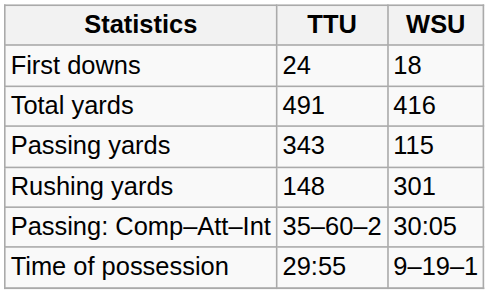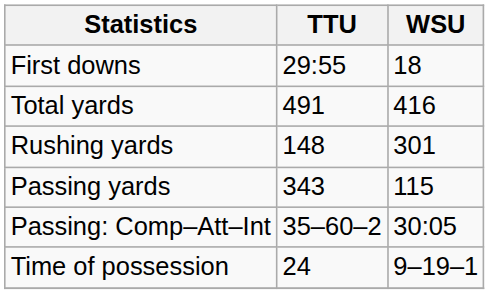 <table class="wikitable" style="float: left;">
 <tr>
 <th>Statistics</th>
 <th>TTU</th>
 <th>WSU</th>
 </tr>
 <tr>
 <td>First downs</td>
-<td>24</td>
+<td>29:55</td>
 <td>18</td>
 </tr>
 <tr>
 <td>Total yards</td>
 <td>491</td>
 <td>416</td>
 </tr>
 <tr>
+<td>Rushing yards</td>
+<td>148</td>
+<td>301</td>
+</tr>
+<tr>
 <td>Passing yards</td>
 <td>343</td>
 <td>115</td>
-</tr>
-<tr>
-<td>Rushing yards</td>
-<td>148</td>
-<td>301</td>
 </tr>
 <tr>
 <td>Passing: Comp–Att–Int</td>
 <td>35–60–2</td>
 <td>30:05</td>
 </tr>
 <tr>
 <td>Time of possession</td>
-<td>29:55</td>
+<td>24</td>
 <td>9–19–1</td>
 </tr>
 <tr>
 </tr>
 </table>
